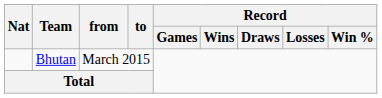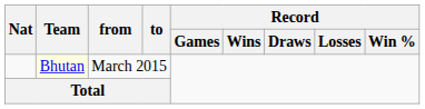 <table class="wikitable" style="text-align: center">
 <tr>
 <th rowspan="2">Nat</th>
 <th rowspan="2">Team</th>
 <th rowspan="2">from</th>
 <th rowspan="2">to</th>
 <th colspan="5">Record</th>
 </tr>
 <tr>
 <th>Games</th>
 <th>Wins</th>
 <th>Draws</th>
 <th>Losses</th>
 <th>Win %</th>
 </tr>
 <tr>
 <td></td>
-<td><a href='#'>Bhutan</a></td>
+<td style="background: lightyellow;"><a href='#'>Bhutan</a></td>
 <td align="left" colspan=2>March 2015<br></td>
 </tr>
 <tr>
 <th colspan="4">Total<br></th>
 </tr>
 </table>
